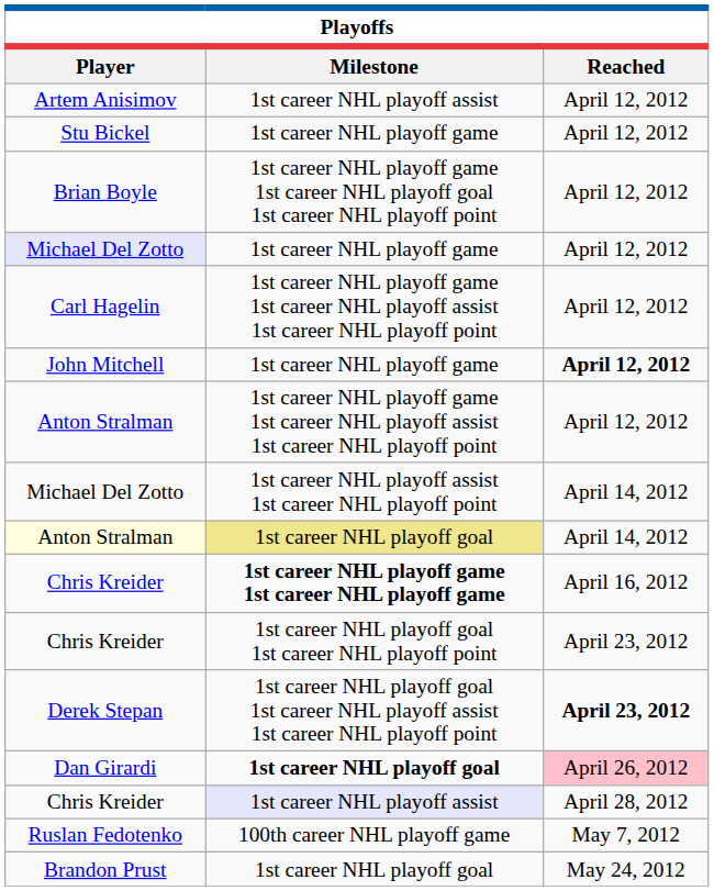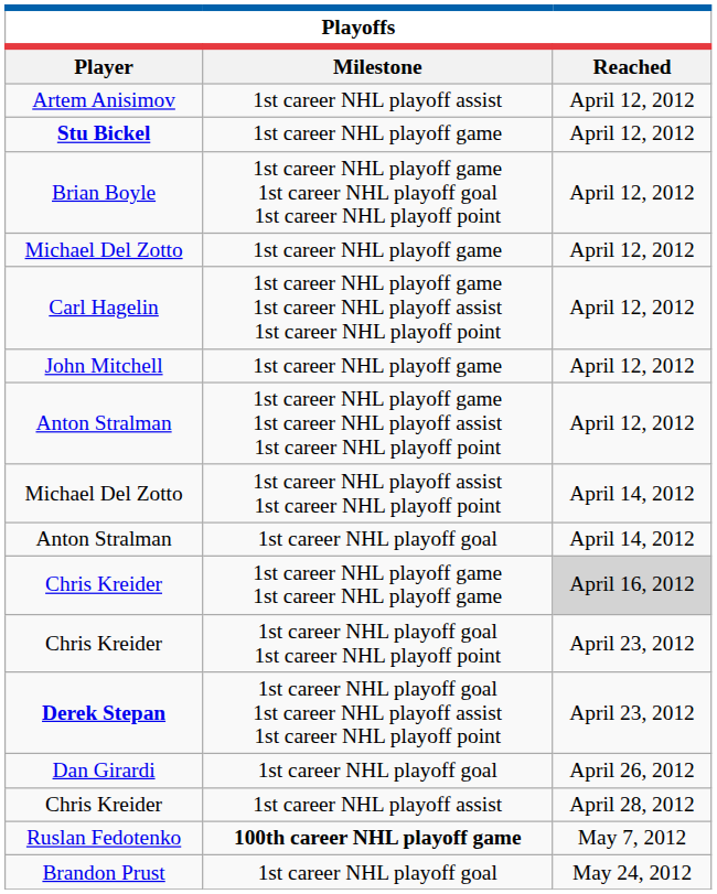 <table class="wikitable"  style="width:60%; text-align:center;">
 <tr>
 <td colspan="10" style="background:#FFFFFF; border-top:#0161AB 5px solid; border-bottom:#E6393F 5px solid;"><strong>Playoffs</strong></td>
 </tr>
 <tr>
 <th>Player</th>
 <th>Milestone</th>
 <th>Reached</th>
 </tr>
 <tr>
 <td><a href='#'>Artem Anisimov</a></td>
 <td>1st career NHL playoff assist</td>
 <td>April 12, 2012</td>
 </tr>
 <tr>
-<td><a href='#'>Stu Bickel</a></td>
+<td><strong><a href='#'>Stu Bickel</a></strong></td>
 <td>1st career NHL playoff game</td>
 <td>April 12, 2012</td>
 </tr>
 <tr>
 <td><a href='#'>Brian Boyle</a></td>
 <td>1st career NHL playoff game<br>1st career NHL playoff goal<br>1st career NHL playoff point</td>
 <td>April 12, 2012</td>
 </tr>
 <tr>
-<td style="background: lavender;"><a href='#'>Michael Del Zotto</a></td>
+<td><a href='#'>Michael Del Zotto</a></td>
 <td>1st career NHL playoff game</td>
 <td>April 12, 2012</td>
 </tr>
 <tr>
 <td><a href='#'>Carl Hagelin</a></td>
 <td>1st career NHL playoff game<br>1st career NHL playoff assist<br>1st career NHL playoff point</td>
 <td>April 12, 2012</td>
 </tr>
 <tr>
 <td><a href='#'>John Mitchell</a></td>
 <td>1st career NHL playoff game</td>
-<td><strong>April 12, 2012</strong></td>
+<td>April 12, 2012</td>
 </tr>
 <tr>
 <td><a href='#'>Anton Stralman</a></td>
 <td>1st career NHL playoff game<br>1st career NHL playoff assist<br>1st career NHL playoff point</td>
 <td>April 12, 2012</td>
 </tr>
 <tr>
 <td>Michael Del Zotto</td>
 <td>1st career NHL playoff assist<br>1st career NHL playoff point</td>
 <td>April 14, 2012</td>
 </tr>
 <tr>
-<td style="background: lightyellow;">Anton Stralman</td>
-<td style="background: khaki;">1st career NHL playoff goal</td>
+<td>Anton Stralman</td>
+<td>1st career NHL playoff goal</td>
 <td>April 14, 2012</td>
 </tr>
 <tr>
 <td><a href='#'>Chris Kreider</a></td>
-<td><strong>1st career NHL playoff game<br>1st career NHL playoff game</strong></td>
-<td>April 16, 2012</td>
+<td>1st career NHL playoff game<br>1st career NHL playoff game</td>
+<td style="background: lightgrey;">April 16, 2012</td>
 </tr>
 <tr>
 <td>Chris Kreider</td>
 <td>1st career NHL playoff goal<br>1st career NHL playoff point</td>
 <td>April 23, 2012</td>
 </tr>
 <tr>
-<td><a href='#'>Derek Stepan</a></td>
+<td><strong><a href='#'>Derek Stepan</a></strong></td>
 <td>1st career NHL playoff goal<br>1st career NHL playoff assist<br>1st career NHL playoff point</td>
-<td><strong>April 23, 2012</strong></td>
+<td>April 23, 2012</td>
 </tr>
 <tr>
 <td><a href='#'>Dan Girardi</a></td>
-<td><strong>1st career NHL playoff goal</strong></td>
-<td style="background: pink;">April 26, 2012</td>
+<td>1st career NHL playoff goal</td>
+<td>April 26, 2012</td>
 </tr>
 <tr>
 <td>Chris Kreider</td>
-<td style="background: lavender;">1st career NHL playoff assist</td>
+<td>1st career NHL playoff assist</td>
 <td>April 28, 2012</td>
 </tr>
 <tr>
 <td><a href='#'>Ruslan Fedotenko</a></td>
-<td>100th career NHL playoff game</td>
+<td><strong>100th career NHL playoff game</strong></td>
 <td>May 7, 2012</td>
 </tr>
 <tr>
 <td><a href='#'>Brandon Prust</a></td>
 <td>1st career NHL playoff goal</td>
 <td>May 24, 2012</td>
 </tr>
 </table>
